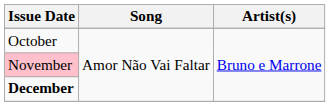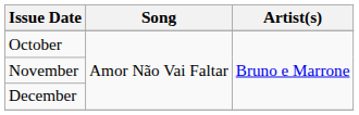 <table class=wikitable>
 <tr>
 <th>Issue Date</th>
 <th>Song</th>
 <th>Artist(s)</th>
 </tr>
 <tr>
 </tr>
 <tr>
 <td>October</td>
 <td rowspan=3 align=center>Amor Não Vai Faltar</td>
 <td rowspan=3 align=center><a href='#'>Bruno e Marrone</a></td>
 </tr>
 <tr>
-<td style="background: pink;">November</td>
+<td>November</td>
 </tr>
 <tr>
-<td><strong>December</strong></td>
+<td>December</td>
 </tr>
 <tr>
 </tr>
 </table>
